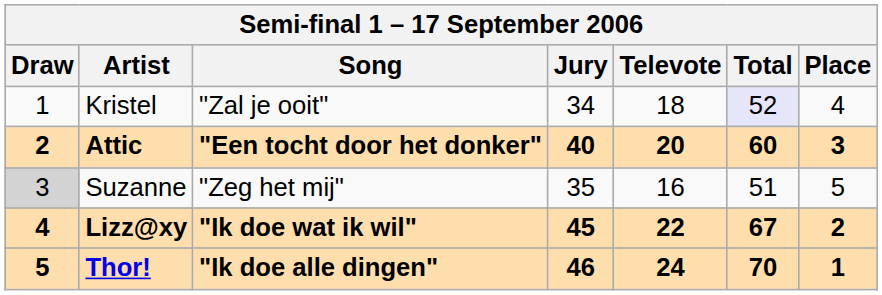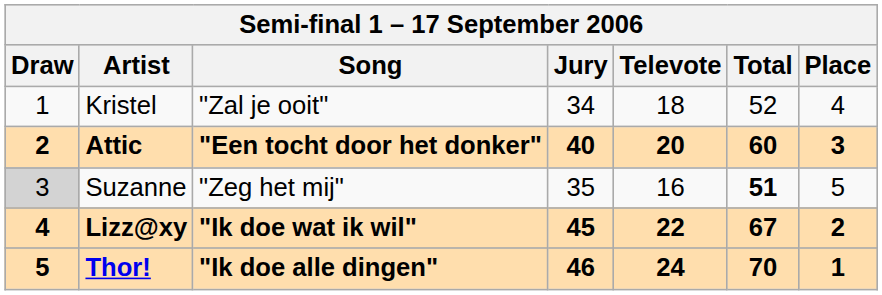 <table class="sortable wikitable" style="margin: 1em auto 1em auto; text-align:center">
 <tr>
 <th colspan="7">Semi-final 1 – 17 September 2006</th>
 </tr>
 <tr>
 <th>Draw</th>
 <th>Artist</th>
 <th>Song</th>
 <th>Jury</th>
 <th>Televote</th>
 <th>Total</th>
 <th>Place</th>
 </tr>
 <tr>
 <td>1</td>
 <td align="left">Kristel</td>
 <td align="left">"Zal je ooit"</td>
 <td>34</td>
 <td>18</td>
-<td style="background: lavender;">52</td>
+<td>52</td>
 <td>4</td>
 </tr>
 <tr style="font-weight:bold; background:#FFDEAD;">
 <td>2</td>
 <td align="left">Attic</td>
 <td align="left">"Een tocht door het donker"</td>
 <td>40</td>
 <td>20</td>
 <td>60</td>
 <td>3</td>
 </tr>
 <tr>
 <td style="background: lightgrey;">3</td>
 <td align="left">Suzanne</td>
 <td align="left">"Zeg het mij"</td>
 <td>35</td>
 <td>16</td>
-<td>51</td>
+<td><strong>51</strong></td>
 <td>5</td>
 </tr>
 <tr style="font-weight:bold; background:#FFDEAD;">
 <td>4</td>
 <td align="left">Lizz@xy</td>
 <td align="left">"Ik doe wat ik wil"</td>
 <td>45</td>
 <td>22</td>
 <td>67</td>
 <td>2</td>
 </tr>
 <tr style="font-weight:bold; background:#FFDEAD;">
 <td>5</td>
 <td align="left"><a href='#'>Thor!</a></td>
 <td align="left">"Ik doe alle dingen"</td>
 <td>46</td>
 <td>24</td>
 <td>70</td>
 <td>1</td>
 </tr>
 </table>
